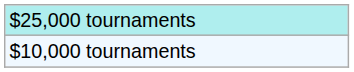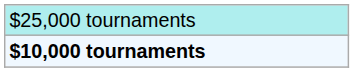 <table class="wikitable"  style="font-size:85%; width:15%;">
 <tr style="background:#afeeee;">
 <td>$25,000 tournaments</td>
 </tr>
 <tr style="background:#f0f8ff;">
-<td>$10,000 tournaments</td>
+<td><strong>$10,000 tournaments</strong></td>
 </tr>
 </table>
